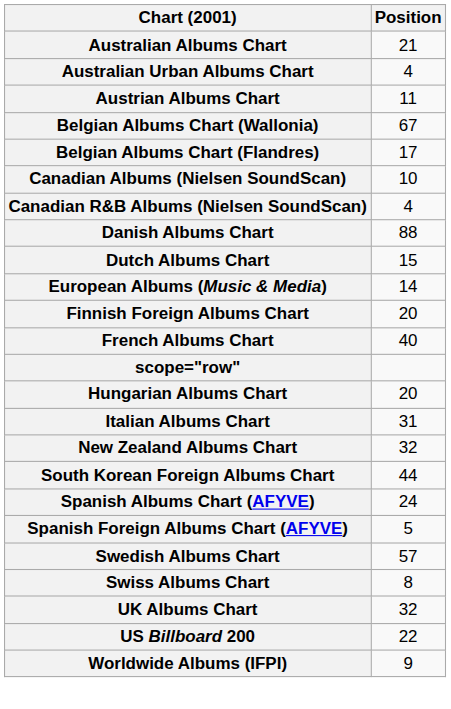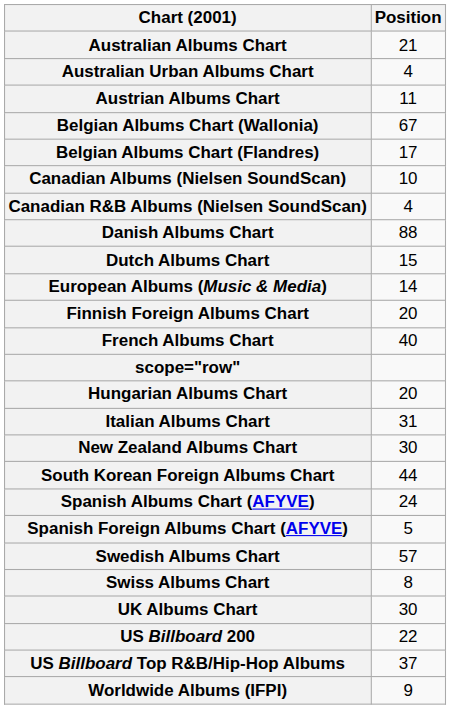 <table class="wikitable sortable plainrowheaders">
 <tr>
 <th scope="col">Chart (2001)</th>
 <th scope="col">Position</th>
 </tr>
 <tr>
 <th scope="row">Australian Albums Chart</th>
 <td style="text-align:center;">21</td>
 </tr>
 <tr>
 <th scope="row">Australian Urban Albums Chart</th>
 <td align="center">4</td>
 </tr>
 <tr>
 <th scope="row">Austrian Albums Chart</th>
 <td style="text-align:center;">11</td>
 </tr>
 <tr>
 <th scope="row">Belgian Albums Chart (Wallonia)</th>
 <td style="text-align:center;">67</td>
 </tr>
 <tr>
 <th scope="row">Belgian Albums Chart (Flandres)</th>
 <td style="text-align:center;">17</td>
 </tr>
 <tr>
 <th scope="row">Canadian Albums (Nielsen SoundScan)</th>
 <td style="text-align:center;">10</td>
 </tr>
 <tr>
 <th scope="row">Canadian R&B Albums (Nielsen SoundScan)</th>
 <td style="text-align:center;">4</td>
 </tr>
 <tr>
 <th scope="row">Danish Albums Chart</th>
 <td style="text-align:center;">88</td>
 </tr>
 <tr>
 <th scope="row">Dutch Albums Chart</th>
 <td style="text-align:center;">15</td>
 </tr>
 <tr>
 <th scope="row">European Albums (<em>Music & Media</em>)</th>
 <td align="center">14</td>
 </tr>
 <tr>
 <th scope="row">Finnish Foreign Albums Chart</th>
 <td style="text-align:center;">20</td>
 </tr>
 <tr>
 <th scope="row">French Albums Chart</th>
 <td style="text-align:center;">40</td>
 </tr>
 <tr>
 <th>scope="row"</th>
 </tr>
 <tr>
 <th scope="row">Hungarian Albums Chart</th>
 <td align="center">20</td>
 </tr>
 <tr>
 <th scope="row">Italian Albums Chart</th>
 <td align="center">31</td>
 </tr>
 <tr>
 <th scope="row">New Zealand Albums Chart</th>
-<td align="center">32</td>
+<td align="center">30</td>
 </tr>
 <tr>
 <th scope="row">South Korean Foreign Albums Chart</th>
 <td align="center">44</td>
 </tr>
 <tr>
 <th scope="row">Spanish Albums Chart (<a href='#'>AFYVE</a>)</th>
 <td align="center">24</td>
 </tr>
 <tr>
 <th scope="row">Spanish Foreign Albums Chart (<a href='#'>AFYVE</a>)</th>
 <td align="center">5</td>
 </tr>
 <tr>
 <th scope="row">Swedish Albums Chart</th>
 <td style="text-align:center;">57</td>
 </tr>
 <tr>
 <th scope="row">Swiss Albums Chart</th>
 <td style="text-align:center;">8</td>
 </tr>
 <tr>
 <th scope="row">UK Albums Chart</th>
-<td style="text-align:center;">32</td>
+<td style="text-align:center;">30</td>
 </tr>
 <tr>
 <th scope="row">US <em>Billboard</em> 200</th>
 <td style="text-align:center;">22</td>
 </tr>
 <tr>
+<th scope="row">US <em>Billboard</em> Top R&B/Hip-Hop Albums</th>
+<td style="text-align:center;">37</td>
+</tr>
+<tr>
 <th scope="row">Worldwide Albums (IFPI)</th>
 <td style="text-align:center;">9</td>
 </tr>
 </table>
